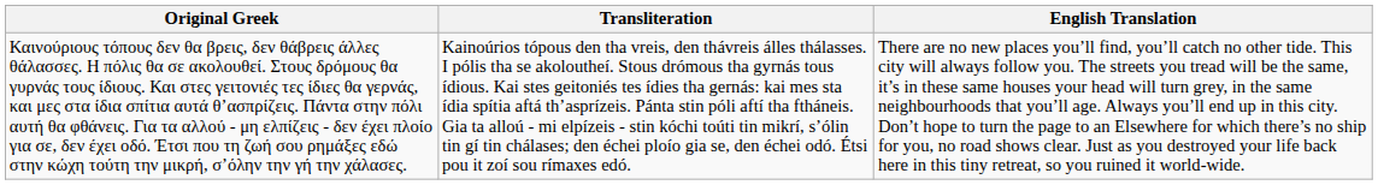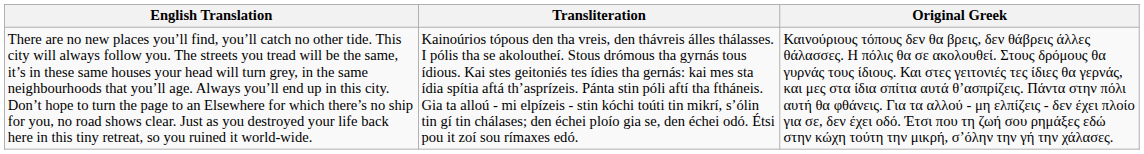 <table class="wikitable">
 <tr>
+<th>English Translation</th>
+<th>Transliteration</th>
 <th>Original Greek</th>
-<th>Transliteration</th>
-<th>English Translation</th>
 </tr>
 <tr>
+<td>There are no new places you’ll find, you’ll catch no other tide. This city will always follow you. The streets you tread will be the same, it’s in these same houses your head will turn grey, in the same neighbourhoods that you’ll age. Always you’ll end up in this city. Don’t hope to turn the page to an Elsewhere for which there’s no ship for you, no road shows clear. Just as you destroyed your life back here in this tiny retreat, so you ruined it world-wide.</td>
+<td>Kainoúrios tópous den tha vreis, den thávreis álles thálasses. I pólis tha se akoloutheí. Stous drómous tha gyrnás tous ídious. Kai stes geitoniés tes ídies tha gernás: kai mes sta ídia spítia aftá th’asprízeis. Pánta stin póli aftí tha ftháneis. Gia ta alloú - mi elpízeis - stin kóchi toúti tin mikrí, s’ólin tin gí tin chálases; den échei ploío gia se, den échei odó. Étsi pou it zoí sou rímaxes edó.</td>
 <td>Καινούριους τόπους δεν θα βρεις, δεν θάβρεις άλλες θάλασσες. Η πόλις θα σε ακολουθεί. Στους δρόμους θα γυρνάς τους ίδιους. Και στες γειτονιές τες ίδιες θα γερνάς, και μες στα ίδια σπίτια αυτά θ’ασπρίζεις. Πάντα στην πόλι αυτή θα φθάνεις. Για τα αλλού - μη ελπίζεις - δεν έχει πλοίο για σε, δεν έχει οδό. Έτσι που τη ζωή σου ρημάξες εδώ στην κώχη τούτη την μικρή, σ’όλην την γή την χάλασες.</td>
-<td>Kainoúrios tópous den tha vreis, den thávreis álles thálasses. I pólis tha se akoloutheí. Stous drómous tha gyrnás tous ídious. Kai stes geitoniés tes ídies tha gernás: kai mes sta ídia spítia aftá th’asprízeis. Pánta stin póli aftí tha ftháneis. Gia ta alloú - mi elpízeis - stin kóchi toúti tin mikrí, s’ólin tin gí tin chálases; den échei ploío gia se, den échei odó. Étsi pou it zoí sou rímaxes edó.</td>
-<td>There are no new places you’ll find, you’ll catch no other tide. This city will always follow you. The streets you tread will be the same, it’s in these same houses your head will turn grey, in the same neighbourhoods that you’ll age. Always you’ll end up in this city. Don’t hope to turn the page to an Elsewhere for which there’s no ship for you, no road shows clear. Just as you destroyed your life back here in this tiny retreat, so you ruined it world-wide.</td>
 </tr>
 </table>
